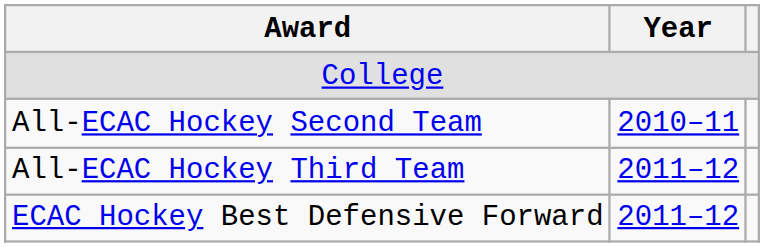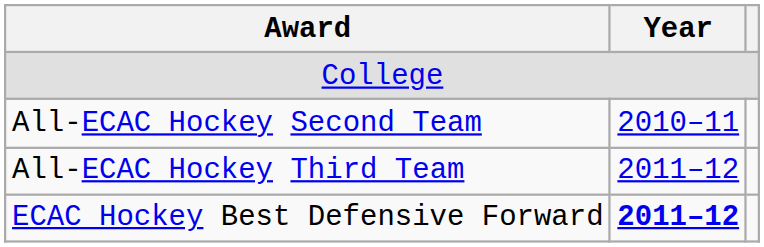 <table class="wikitable">
 <tr>
 <th>Award</th>
 <th>Year</th>
 <th></th>
 </tr>
 <tr ALIGN="center" bgcolor="#e0e0e0">
 <td colspan="3"><a href='#'>College</a></td>
 </tr>
 <tr>
 <td>All-<a href='#'>ECAC Hockey</a> <a href='#'>Second Team</a></td>
 <td><a href='#'>2010–11</a></td>
 <td></td>
 </tr>
 <tr>
 <td>All-<a href='#'>ECAC Hockey</a> <a href='#'>Third Team</a></td>
 <td><a href='#'>2011–12</a></td>
 <td></td>
 </tr>
 <tr>
 <td><a href='#'>ECAC Hockey</a> Best Defensive Forward</td>
-<td><a href='#'>2011–12</a></td>
+<td><strong><a href='#'>2011–12</a></strong></td>
 <td></td>
 </tr>
 </table>
